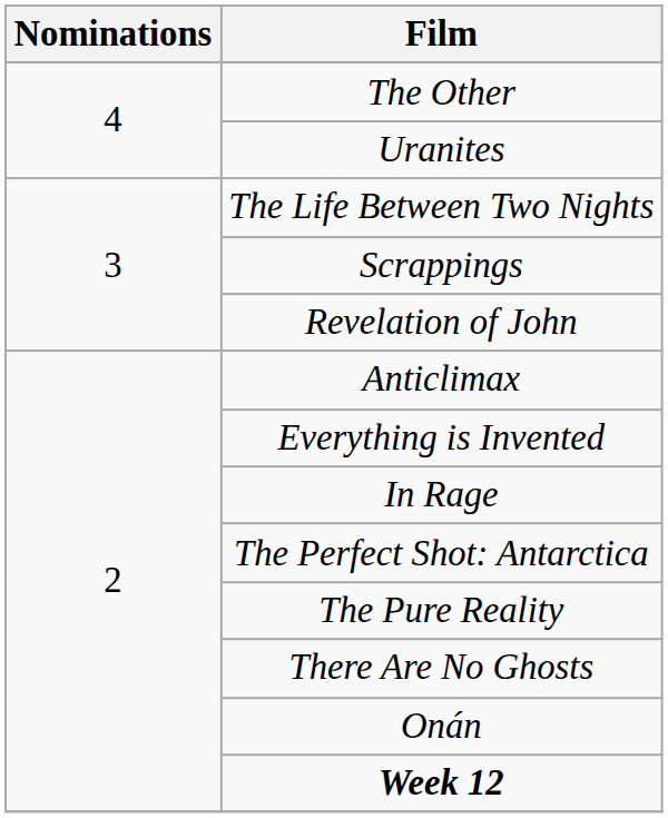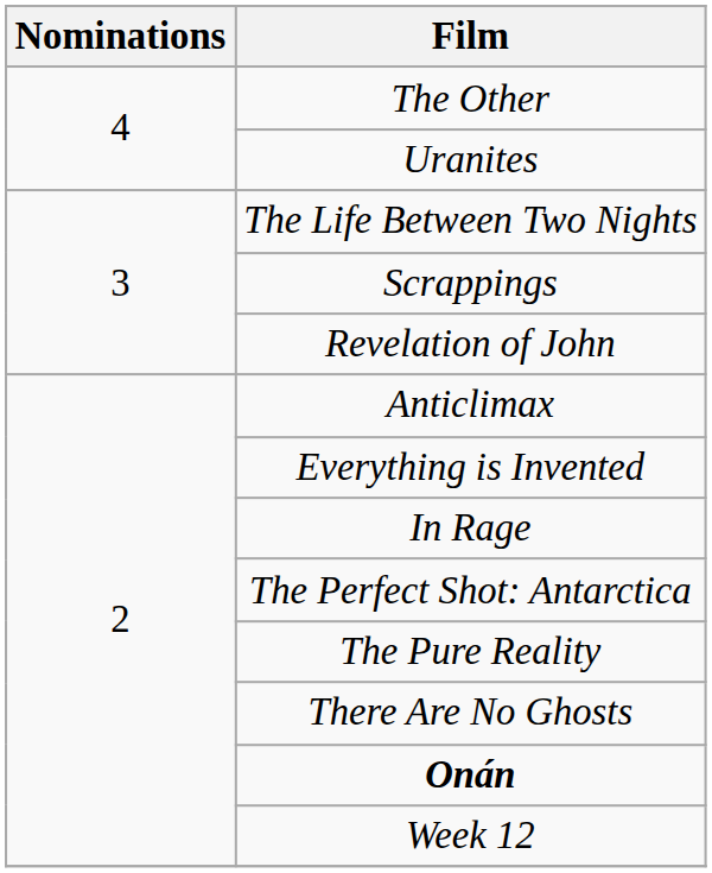 <table class="wikitable sortable" style="text-align:center;">
 <tr>
 <th scope="col" width="55">Nominations</th>
 <th scope="col" align="center">Film</th>
 </tr>
 <tr>
 <td rowspan=2>4</td>
 <td><em>The Other</em></td>
 </tr>
 <tr>
 <td><em>Uranites</em></td>
 </tr>
 <tr>
 <td rowspan=3>3</td>
 <td><em>The Life Between Two Nights</em></td>
 </tr>
 <tr>
 <td><em>Scrappings</em></td>
 </tr>
 <tr>
 <td><em>Revelation of John</em></td>
 </tr>
 <tr>
 <td rowspan=8>2</td>
 <td><em>Anticlimax</em></td>
 </tr>
 <tr>
 <td><em>Everything is Invented</em></td>
 </tr>
 <tr>
 <td><em>In Rage</em></td>
 </tr>
 <tr>
 <td><em>The Perfect Shot: Antarctica</em></td>
 </tr>
 <tr>
 <td><em>The Pure Reality</em></td>
 </tr>
 <tr>
 <td><em>There Are No Ghosts</em></td>
 </tr>
 <tr>
-<td><em>Onán</em></td>
+<td><strong><em>Onán</em></strong></td>
 </tr>
 <tr>
-<td><strong><em>Week 12</em></strong></td>
+<td><em>Week 12</em></td>
 </tr>
 <tr>
 </tr>
 </table>
